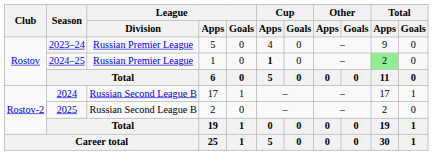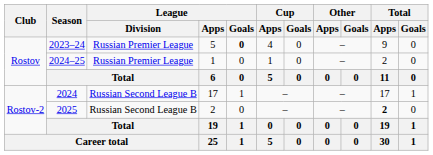 <table class="wikitable" style="text-align: center;">
 <tr>
 <th rowspan="2">Club</th>
 <th rowspan="2">Season</th>
 <th colspan="3">League</th>
 <th colspan="2">Cup</th>
 <th colspan="2">Other</th>
 <th colspan="2">Total</th>
 </tr>
 <tr>
 <th>Division</th>
 <th>Apps</th>
 <th>Goals</th>
 <th>Apps</th>
 <th>Goals</th>
 <th>Apps</th>
 <th>Goals</th>
 <th>Apps</th>
 <th>Goals</th>
 </tr>
 <tr>
 <td rowspan="3"><a href='#'>Rostov</a></td>
 <td><a href='#'>2023–24</a></td>
 <td><a href='#'>Russian Premier League</a></td>
 <td>5</td>
-<td>0</td>
+<td><strong>0</strong></td>
 <td>4</td>
 <td>0</td>
 <td colspan="2">–</td>
 <td>9</td>
 <td>0</td>
 </tr>
 <tr>
 <td><a href='#'>2024–25</a></td>
 <td><a href='#'>Russian Premier League</a></td>
 <td>1</td>
 <td>0</td>
-<td><strong>1</strong></td>
+<td>1</td>
 <td>0</td>
 <td colspan="2">–</td>
-<td style="background: lightgreen;">2</td>
+<td>2</td>
 <td>0</td>
 </tr>
 <tr>
 <th colspan="2">Total</th>
 <th>6</th>
 <th>0</th>
 <th>5</th>
 <th>0</th>
 <th>0</th>
 <th>0</th>
 <th>11</th>
 <th>0</th>
 </tr>
 <tr>
 <td rowspan="3"><a href='#'>Rostov-2</a></td>
 <td><a href='#'>2024</a></td>
 <td><a href='#'>Russian Second League B</a></td>
 <td>17</td>
 <td>1</td>
 <td colspan="2">–</td>
 <td colspan="2">–</td>
 <td>17</td>
 <td>1</td>
 </tr>
 <tr>
 <td><a href='#'>2025</a></td>
 <td>Russian Second League B</td>
 <td>2</td>
 <td>0</td>
 <td colspan="2">–</td>
 <td colspan="2">–</td>
-<td>2</td>
+<td><strong>2</strong></td>
 <td>0</td>
 </tr>
 <tr>
 <th colspan="2">Total</th>
 <th>19</th>
 <th>1</th>
 <th>0</th>
 <th>0</th>
 <th>0</th>
 <th>0</th>
 <th>19</th>
 <th>1</th>
 </tr>
 <tr>
 <th colspan="3">Career total</th>
 <th>25</th>
 <th>1</th>
 <th>5</th>
 <th>0</th>
 <th>0</th>
 <th>0</th>
 <th>30</th>
 <th>1</th>
 </tr>
 </table>
